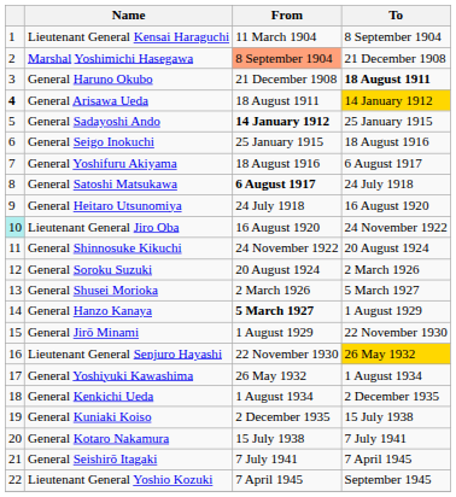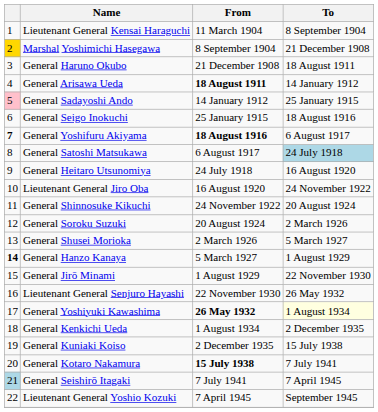 <table class=wikitable>
 <tr>
 <th></th>
 <th>Name</th>
 <th>From</th>
 <th>To</th>
 </tr>
 <tr>
 <td>1</td>
 <td>Lieutenant General <a href='#'>Kensai Haraguchi</a></td>
 <td>11 March 1904</td>
 <td>8 September 1904</td>
 </tr>
 <tr>
-<td>2</td>
+<td style="background: gold;">2</td>
 <td><a href='#'>Marshal</a> <a href='#'>Yoshimichi Hasegawa</a></td>
-<td style="background: lightsalmon;">8 September 1904</td>
+<td>8 September 1904</td>
 <td>21 December 1908</td>
 </tr>
 <tr>
 <td>3</td>
 <td>General <a href='#'>Haruno Okubo</a></td>
 <td>21 December 1908</td>
-<td><strong>18 August 1911</strong></td>
+<td>18 August 1911</td>
 </tr>
 <tr>
-<td><strong>4</strong></td>
+<td>4</td>
 <td>General <a href='#'>Arisawa Ueda</a></td>
-<td>18 August 1911</td>
-<td style="background: gold;">14 January 1912</td>
+<td><strong>18 August 1911</strong></td>
+<td>14 January 1912</td>
 </tr>
 <tr>
-<td>5</td>
+<td style="background: pink;">5</td>
 <td>General <a href='#'>Sadayoshi Ando</a></td>
-<td><strong>14 January 1912</strong></td>
+<td>14 January 1912</td>
 <td>25 January 1915</td>
 </tr>
 <tr>
 <td>6</td>
 <td>General <a href='#'>Seigo Inokuchi</a></td>
 <td>25 January 1915</td>
 <td>18 August 1916</td>
 </tr>
 <tr>
-<td>7</td>
+<td><strong>7</strong></td>
 <td>General <a href='#'>Yoshifuru Akiyama</a></td>
-<td>18 August 1916</td>
+<td><strong>18 August 1916</strong></td>
 <td>6 August 1917</td>
 </tr>
 <tr>
 <td>8</td>
 <td>General <a href='#'>Satoshi Matsukawa</a></td>
-<td><strong>6 August 1917</strong></td>
-<td>24 July 1918</td>
+<td>6 August 1917</td>
+<td style="background: lightblue;">24 July 1918</td>
 </tr>
 <tr>
 <td>9</td>
 <td>General <a href='#'>Heitaro Utsunomiya</a></td>
 <td>24 July 1918</td>
 <td>16 August 1920</td>
 </tr>
 <tr>
-<td style="background: paleturquoise;">10</td>
+<td>10</td>
 <td>Lieutenant General <a href='#'>Jiro Oba</a></td>
 <td>16 August 1920</td>
 <td>24 November 1922</td>
 </tr>
 <tr>
 <td>11</td>
 <td>General <a href='#'>Shinnosuke Kikuchi</a></td>
 <td>24 November 1922</td>
 <td>20 August 1924</td>
 </tr>
 <tr>
 <td>12</td>
 <td>General <a href='#'>Soroku Suzuki</a></td>
 <td>20 August 1924</td>
 <td>2 March 1926</td>
 </tr>
 <tr>
 <td>13</td>
 <td>General <a href='#'>Shusei Morioka</a></td>
 <td>2 March 1926</td>
 <td>5 March 1927</td>
 </tr>
 <tr>
-<td>14</td>
+<td><strong>14</strong></td>
 <td>General <a href='#'>Hanzo Kanaya</a></td>
-<td><strong>5 March 1927</strong></td>
+<td>5 March 1927</td>
 <td>1 August 1929</td>
 </tr>
 <tr>
 <td>15</td>
 <td>General <a href='#'>Jirō Minami</a></td>
 <td>1 August 1929</td>
 <td>22 November 1930</td>
 </tr>
 <tr>
 <td>16</td>
 <td>Lieutenant General <a href='#'>Senjuro Hayashi</a></td>
 <td>22 November 1930</td>
-<td style="background: gold;">26 May 1932</td>
+<td>26 May 1932</td>
 </tr>
 <tr>
 <td>17</td>
 <td>General <a href='#'>Yoshiyuki Kawashima</a></td>
-<td>26 May 1932</td>
-<td>1 August 1934</td>
+<td><strong>26 May 1932</strong></td>
+<td style="background: lightyellow;">1 August 1934</td>
 </tr>
 <tr>
 <td>18</td>
 <td>General <a href='#'>Kenkichi Ueda</a></td>
 <td>1 August 1934</td>
 <td>2 December 1935</td>
 </tr>
 <tr>
 <td>19</td>
 <td>General <a href='#'>Kuniaki Koiso</a></td>
 <td>2 December 1935</td>
 <td>15 July 1938</td>
 </tr>
 <tr>
 <td>20</td>
 <td>General <a href='#'>Kotaro Nakamura</a></td>
-<td>15 July 1938</td>
+<td><strong>15 July 1938</strong></td>
 <td>7 July 1941</td>
 </tr>
 <tr>
-<td>21</td>
+<td style="background: lightblue;">21</td>
 <td>General <a href='#'>Seishirō Itagaki</a></td>
 <td>7 July 1941</td>
 <td>7 April 1945</td>
 </tr>
 <tr>
 <td>22</td>
 <td>Lieutenant General <a href='#'>Yoshio Kozuki</a></td>
 <td>7 April 1945</td>
 <td>September 1945</td>
 </tr>
 <tr>
 </tr>
 </table>
